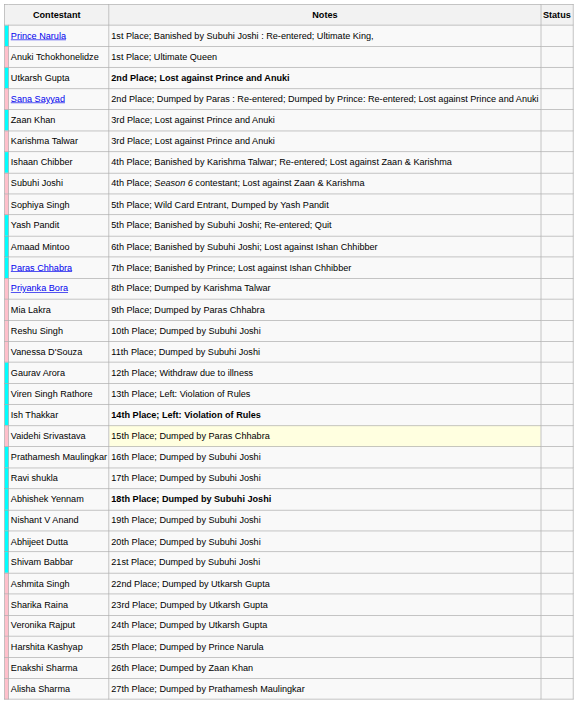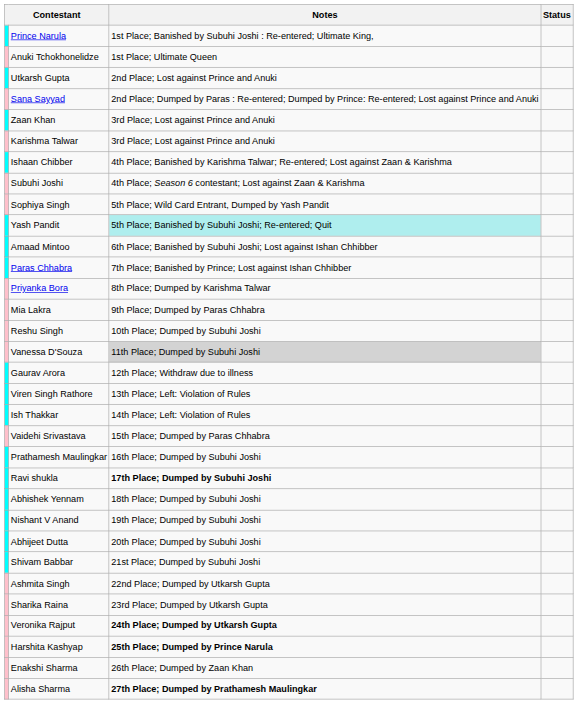 <table class="wikitable sortable" style="font-size:85%;  line-height:25px; width:auto;">
 <tr>
 <th colspan="2">Contestant</th>
 <th scope="col">Notes</th>
 <th scope="col">Status</th>
 </tr>
 <tr>
 <th style="background:#00FFFF;"></th>
 <td><a href='#'>Prince Narula</a></td>
 <td>1st Place; Banished by Subuhi Joshi : Re-entered; Ultimate King,</td>
 <td></td>
 </tr>
 <tr>
 <th style="background:#FFC0CB;"></th>
 <td>Anuki Tchokhonelidze</td>
 <td>1st Place; Ultimate Queen</td>
 <td></td>
 </tr>
 <tr>
 <th style="background:#00FFFF;"></th>
 <td>Utkarsh Gupta</td>
-<td><strong>2nd Place; Lost against Prince and Anuki</strong></td>
+<td>2nd Place; Lost against Prince and Anuki</td>
 <td></td>
 </tr>
 <tr>
 <th style="background:#FFC0CB;"></th>
 <td><a href='#'>Sana Sayyad</a></td>
 <td>2nd Place; Dumped by Paras : Re-entered; Dumped by Prince: Re-entered; Lost against Prince and Anuki</td>
 <td></td>
 </tr>
 <tr>
 <th style="background:#00FFFF;"></th>
 <td>Zaan Khan</td>
 <td>3rd Place; Lost against Prince and Anuki</td>
 <td></td>
 </tr>
 <tr>
 <th style="background:#FFC0CB;"></th>
 <td>Karishma Talwar</td>
 <td>3rd Place; Lost against Prince and Anuki</td>
 <td></td>
 </tr>
 <tr>
 <th style="background:#00FFFF;"></th>
 <td>Ishaan Chibber</td>
 <td>4th Place; Banished by Karishma Talwar; Re-entered; Lost against Zaan & Karishma</td>
 <td></td>
 </tr>
 <tr>
 <th style="background:#FFC0CB;"></th>
 <td>Subuhi Joshi</td>
 <td>4th Place; <em>Season 6</em> contestant; Lost against Zaan & Karishma</td>
 <td></td>
 </tr>
 <tr>
 <th style="background:#FFC0CB;"></th>
 <td>Sophiya Singh</td>
 <td>5th Place; Wild Card Entrant, Dumped by Yash Pandit</td>
 <td></td>
 </tr>
 <tr>
 <th style="background:#00FFFF;"></th>
 <td>Yash Pandit</td>
-<td>5th Place; Banished by Subuhi Joshi; Re-entered; Quit</td>
+<td style="background: paleturquoise;">5th Place; Banished by Subuhi Joshi; Re-entered; Quit</td>
 <td></td>
 </tr>
 <tr>
 <th style="background:#00FFFF;"></th>
 <td>Amaad Mintoo</td>
 <td>6th Place; Banished by Subuhi Joshi; Lost against Ishan Chhibber</td>
 <td></td>
 </tr>
 <tr>
 <th style="background:#00FFFF;"></th>
 <td><a href='#'>Paras Chhabra</a></td>
 <td>7th Place; Banished by Prince; Lost against Ishan Chhibber</td>
 <td></td>
 </tr>
 <tr>
 <th style="background:#FFC0CB;"></th>
 <td><a href='#'>Priyanka Bora</a></td>
 <td>8th Place; Dumped by Karishma Talwar</td>
 <td></td>
 </tr>
 <tr>
 <th style="background:#FFC0CB;"></th>
 <td>Mia Lakra</td>
 <td>9th Place; Dumped by Paras Chhabra</td>
 <td></td>
 </tr>
 <tr>
 <th style="background:#FFC0CB;"></th>
 <td>Reshu Singh</td>
 <td>10th Place; Dumped by Subuhi Joshi</td>
 <td></td>
 </tr>
 <tr>
 <th style="background:#FFC0CB;"></th>
 <td>Vanessa D'Souza</td>
-<td>11th Place; Dumped by Subuhi Joshi</td>
+<td style="background: lightgrey;">11th Place; Dumped by Subuhi Joshi</td>
 <td></td>
 </tr>
 <tr>
 <th style="background:#00FFFF;"></th>
 <td>Gaurav Arora</td>
 <td>12th Place; Withdraw due to illness</td>
 <td></td>
 </tr>
 <tr>
 <th style="background:#00FFFF;"></th>
 <td>Viren Singh Rathore</td>
 <td>13th Place; Left: Violation of Rules</td>
 <td></td>
 </tr>
 <tr>
 <th style="background:#00FFFF;"></th>
 <td>Ish Thakkar</td>
-<td><strong>14th Place; Left: Violation of Rules</strong></td>
+<td>14th Place; Left: Violation of Rules</td>
 <td></td>
 </tr>
 <tr>
 <th style="background:#FFC0CB;"></th>
 <td>Vaidehi Srivastava</td>
-<td style="background: lightyellow;">15th Place; Dumped by Paras Chhabra</td>
+<td>15th Place; Dumped by Paras Chhabra</td>
 <td></td>
 </tr>
 <tr>
 <th style="background:#00FFFF;"></th>
 <td>Prathamesh Maulingkar</td>
 <td>16th Place; Dumped by Subuhi Joshi</td>
 <td></td>
 </tr>
 <tr>
 <th style="background:#00FFFF;"></th>
 <td>Ravi shukla</td>
-<td>17th Place; Dumped by Subuhi Joshi</td>
+<td><strong>17th Place; Dumped by Subuhi Joshi</strong></td>
 <td></td>
 </tr>
 <tr>
 <th style="background:#00FFFF;"></th>
 <td>Abhishek Yennam</td>
-<td><strong>18th Place; Dumped by Subuhi Joshi</strong></td>
+<td>18th Place; Dumped by Subuhi Joshi</td>
 <td></td>
 </tr>
 <tr>
 <th style="background:#00FFFF;"></th>
 <td>Nishant V Anand</td>
 <td>19th Place; Dumped by Subuhi Joshi</td>
 <td></td>
 </tr>
 <tr>
 <th style="background:#00FFFF;"></th>
 <td>Abhijeet Dutta</td>
 <td>20th Place; Dumped by Subuhi Joshi</td>
 <td></td>
 </tr>
 <tr>
 <th style="background:#00FFFF;"></th>
 <td>Shivam Babbar</td>
 <td>21st Place; Dumped by Subuhi Joshi</td>
 <td></td>
 </tr>
 <tr>
 <th style="background:#FFC0CB;"></th>
 <td>Ashmita Singh</td>
 <td>22nd Place; Dumped by Utkarsh Gupta</td>
 <td></td>
 </tr>
 <tr>
 <th style="background:#FFC0CB;"></th>
 <td>Sharika Raina</td>
 <td>23rd Place; Dumped by Utkarsh Gupta</td>
 <td></td>
 </tr>
 <tr>
 <th style="background:#FFC0CB;"></th>
 <td>Veronika Rajput</td>
-<td>24th Place; Dumped by Utkarsh Gupta</td>
+<td><strong>24th Place; Dumped by Utkarsh Gupta</strong></td>
 <td></td>
 </tr>
 <tr>
 <th style="background:#FFC0CB;"></th>
 <td>Harshita Kashyap</td>
-<td>25th Place; Dumped by Prince Narula</td>
+<td><strong>25th Place; Dumped by Prince Narula</strong></td>
 <td></td>
 </tr>
 <tr>
 <th style="background:#FFC0CB;"></th>
 <td>Enakshi Sharma</td>
 <td>26th Place; Dumped by Zaan Khan</td>
 <td></td>
 </tr>
 <tr>
 <th style="background:#FFC0CB;"></th>
 <td>Alisha Sharma</td>
-<td>27th Place; Dumped by Prathamesh Maulingkar</td>
+<td><strong>27th Place; Dumped by Prathamesh Maulingkar</strong></td>
 <td></td>
 </tr>
 </table>
